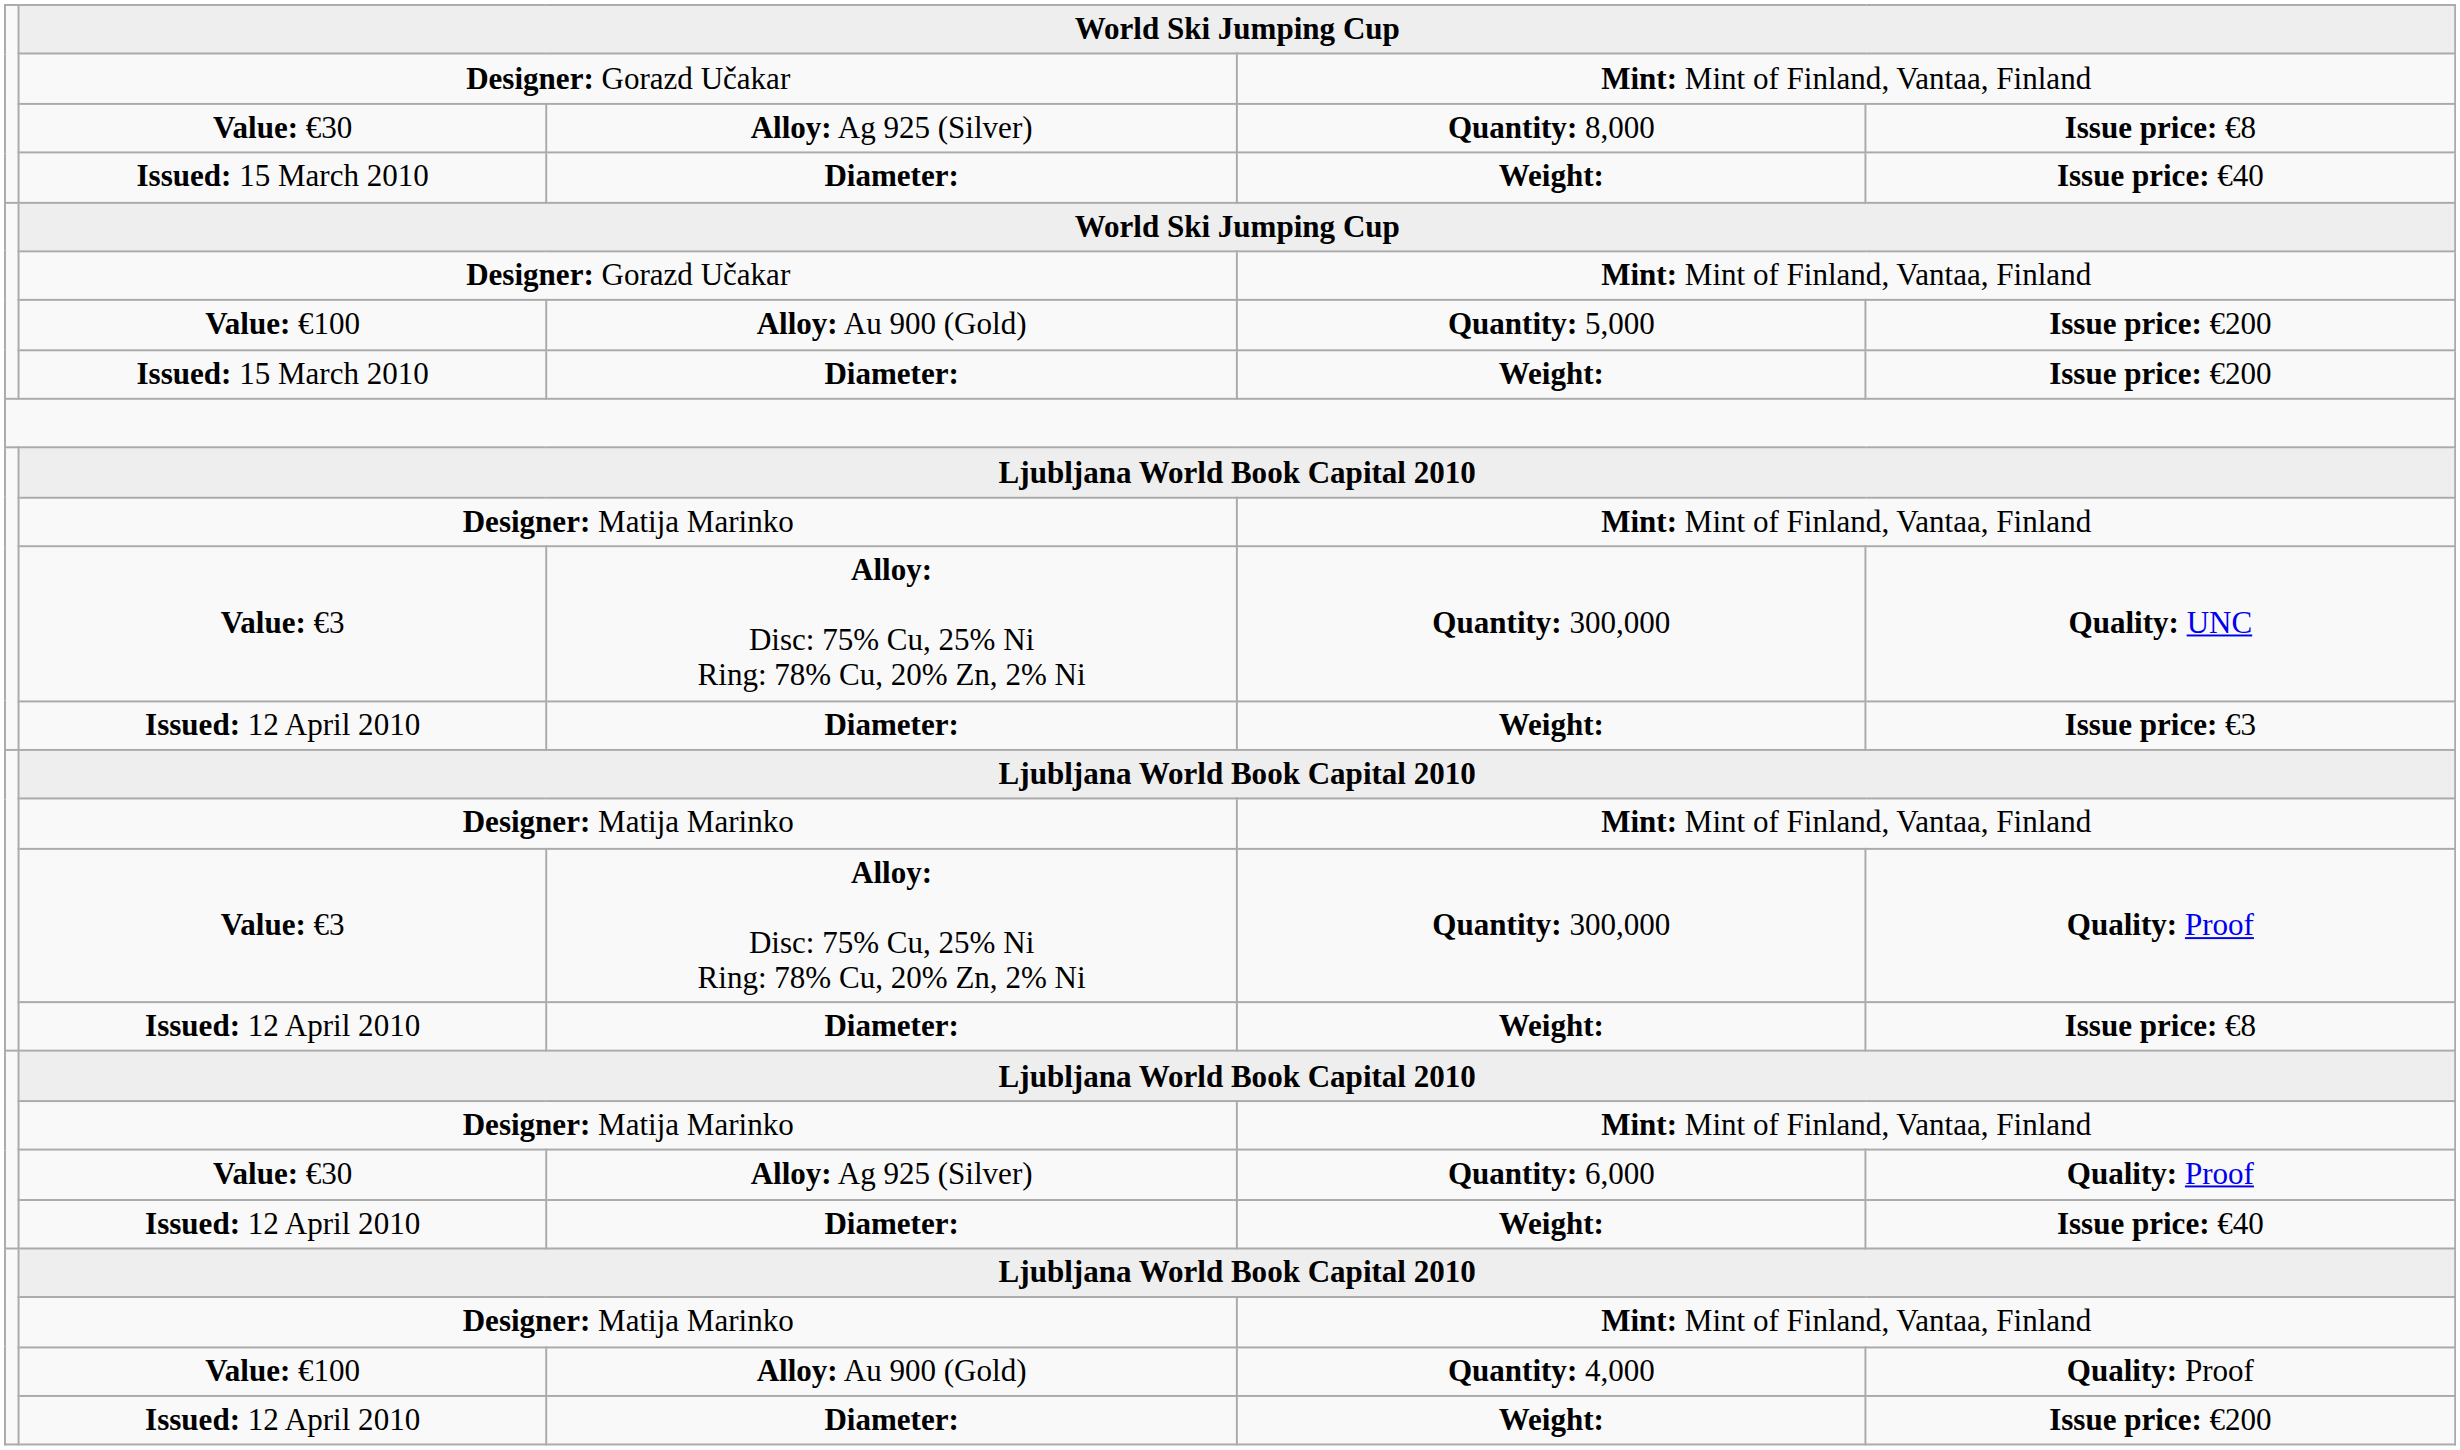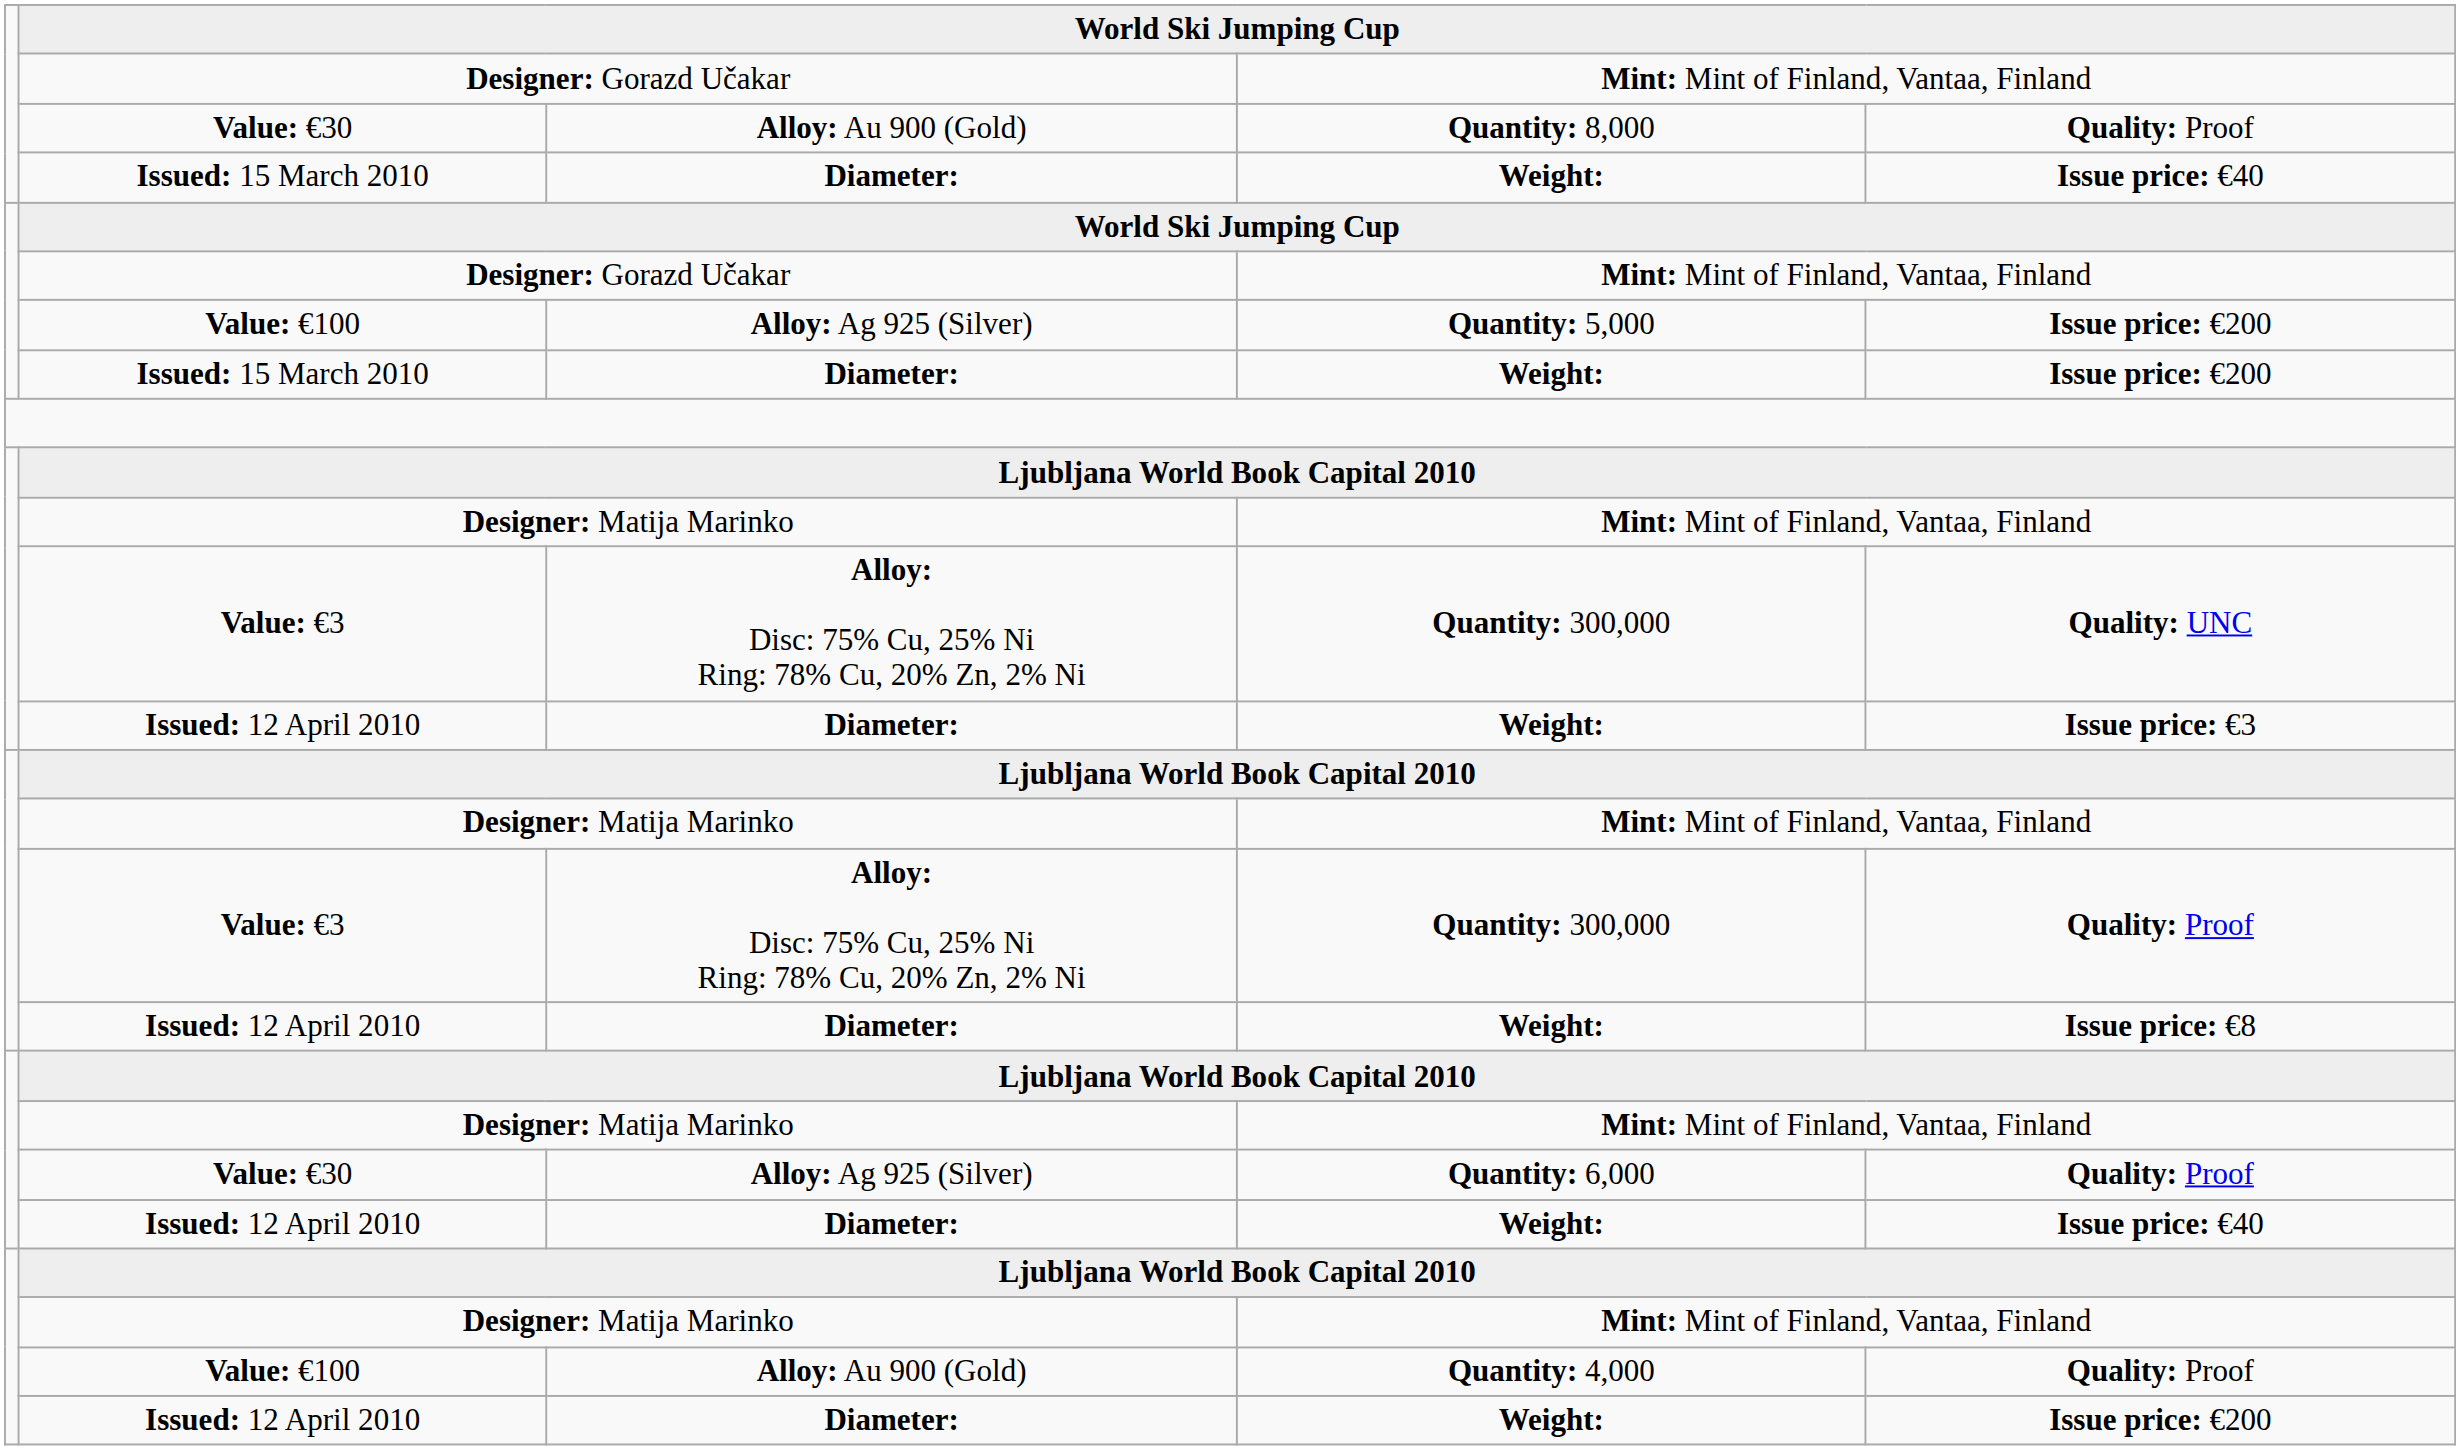 <table class="wikitable" style="width:100%;">
 <tr>
 <td rowspan="4"  style="text-align:center; width:330px; white-space:nowrap;"></td>
 <th colspan="4"  style="text-align:center; background:#eee;">World Ski Jumping Cup </th>
 </tr>
 <tr style="text-align:center;">
 <td colspan="2"  style="width:50%; "><strong>Designer:</strong> Gorazd Učakar</td>
 <td colspan="2"  style="width:50%; "><strong>Mint:</strong> Mint of Finland, Vantaa, Finland</td>
 </tr>
 <tr>
 <td align=center><strong>Value:</strong> €30</td>
-<td align=center><strong>Alloy:</strong> Ag 925 (Silver)</td>
+<td align=center><strong>Alloy:</strong> Au 900 (Gold)</td>
 <td align=center><strong>Quantity:</strong> 8,000</td>
-<td align=center><strong>Issue price:</strong> €8</td>
+<td align=center><strong>Quality:</strong> Proof</td>
 </tr>
 <tr>
 <td align=center><strong>Issued:</strong> 15 March 2010</td>
 <td align=center><strong>Diameter:</strong> </td>
 <td align=center><strong>Weight:</strong> </td>
 <td align=center><strong>Issue price:</strong> €40</td>
 </tr>
 <tr>
 <td rowspan="4"  style="text-align:center; width:330px; white-space:nowrap;"></td>
 <th colspan="4"  style="text-align:center; background:#eee;">World Ski Jumping Cup </th>
 </tr>
 <tr style="text-align:center;">
 <td colspan="2"  style="width:50%; "><strong>Designer:</strong> Gorazd Učakar</td>
 <td colspan="2"  style="width:50%; "><strong>Mint:</strong> Mint of Finland, Vantaa, Finland</td>
 </tr>
 <tr>
 <td align=center><strong>Value:</strong> €100</td>
-<td align=center><strong>Alloy:</strong> Au 900 (Gold)</td>
+<td align=center><strong>Alloy:</strong> Ag 925 (Silver)</td>
 <td align=center><strong>Quantity:</strong> 5,000</td>
 <td align=center><strong>Issue price:</strong> €200</td>
 </tr>
 <tr>
 <td align=center><strong>Issued:</strong> 15 March 2010</td>
 <td align=center><strong>Diameter:</strong> </td>
 <td align=center><strong>Weight:</strong> </td>
 <td align=center><strong>Issue price:</strong> €200</td>
 </tr>
 <tr>
 <td colspan="5" style="text-align:left;"> </td>
 </tr>
 <tr>
 <td rowspan="4"  style="text-align:center; width:330px; white-space:nowrap;"></td>
 <th colspan="4"  style="text-align:center; background:#eee;">Ljubljana World Book Capital 2010 </th>
 </tr>
 <tr style="text-align:center;">
 <td colspan="2"  style="width:50%; "><strong>Designer:</strong> Matija Marinko</td>
 <td colspan="2"  style="width:50%; "><strong>Mint:</strong> Mint of Finland, Vantaa, Finland</td>
 </tr>
 <tr>
 <td align=center><strong>Value:</strong> €3</td>
 <td align=center><strong>Alloy:</strong><br><br>Disc: 75% Cu, 25% Ni <br> Ring: 78% Cu, 20% Zn, 2% Ni</td>
 <td align=center><strong>Quantity:</strong> 300,000</td>
 <td align=center><strong>Quality:</strong> <a href='#'>UNC</a></td>
 </tr>
 <tr>
 <td align=center><strong>Issued:</strong> 12 April 2010</td>
 <td align=center><strong>Diameter:</strong> </td>
 <td align=center><strong>Weight:</strong> </td>
 <td align=center><strong>Issue price:</strong> €3</td>
 </tr>
 <tr>
 <td rowspan="4"  style="text-align:center; width:330px; white-space:nowrap;"></td>
 <th colspan="4"  style="text-align:center; background:#eee;">Ljubljana World Book Capital 2010</th>
 </tr>
 <tr style="text-align:center;">
 <td colspan="2"  style="width:50%; "><strong>Designer:</strong> Matija Marinko</td>
 <td colspan="2"  style="width:50%; "><strong>Mint:</strong> Mint of Finland, Vantaa, Finland</td>
 </tr>
 <tr>
 <td align=center><strong>Value:</strong> €3</td>
 <td align=center><strong>Alloy:</strong><br><br>Disc: 75% Cu, 25% Ni <br> Ring: 78% Cu, 20% Zn, 2% Ni</td>
 <td align=center><strong>Quantity:</strong> 300,000</td>
 <td align=center><strong>Quality:</strong> <a href='#'>Proof</a></td>
 </tr>
 <tr>
 <td align=center><strong>Issued:</strong> 12 April 2010</td>
 <td align=center><strong>Diameter:</strong> </td>
 <td align=center><strong>Weight:</strong> </td>
 <td align=center><strong>Issue price:</strong> €8</td>
 </tr>
 <tr>
 <td rowspan="4"  style="text-align:center; width:330px; white-space:nowrap;"></td>
 <th colspan="4"  style="text-align:center; background:#eee;">Ljubljana World Book Capital 2010 </th>
 </tr>
 <tr style="text-align:center;">
 <td colspan="2"  style="width:50%; "><strong>Designer:</strong> Matija Marinko</td>
 <td colspan="2"  style="width:50%; "><strong>Mint:</strong> Mint of Finland, Vantaa, Finland</td>
 </tr>
 <tr>
 <td align=center><strong>Value:</strong> €30</td>
 <td align=center><strong>Alloy:</strong> Ag 925 (Silver)</td>
 <td align=center><strong>Quantity:</strong> 6,000</td>
 <td align=center><strong>Quality:</strong> <a href='#'>Proof</a></td>
 </tr>
 <tr>
 <td align=center><strong>Issued:</strong> 12 April 2010</td>
 <td align=center><strong>Diameter:</strong> </td>
 <td align=center><strong>Weight:</strong> </td>
 <td align=center><strong>Issue price:</strong> €40</td>
 </tr>
 <tr>
 <td rowspan="4"  style="text-align:center; width:330px; white-space:nowrap;"></td>
 <th colspan="4"  style="text-align:center; background:#eee;">Ljubljana World Book Capital 2010</th>
 </tr>
 <tr style="text-align:center;">
 <td colspan="2"  style="width:50%; "><strong>Designer:</strong> Matija Marinko</td>
 <td colspan="2"  style="width:50%; "><strong>Mint:</strong> Mint of Finland, Vantaa, Finland</td>
 </tr>
 <tr>
 <td align=center><strong>Value:</strong> €100</td>
 <td align=center><strong>Alloy:</strong> Au 900 (Gold)</td>
 <td align=center><strong>Quantity:</strong> 4,000</td>
 <td align=center><strong>Quality:</strong> Proof</td>
 </tr>
 <tr>
 <td align=center><strong>Issued:</strong> 12 April 2010</td>
 <td align=center><strong>Diameter:</strong> </td>
 <td align=center><strong>Weight:</strong> </td>
 <td align=center><strong>Issue price:</strong> €200</td>
 </tr>
 </table>
